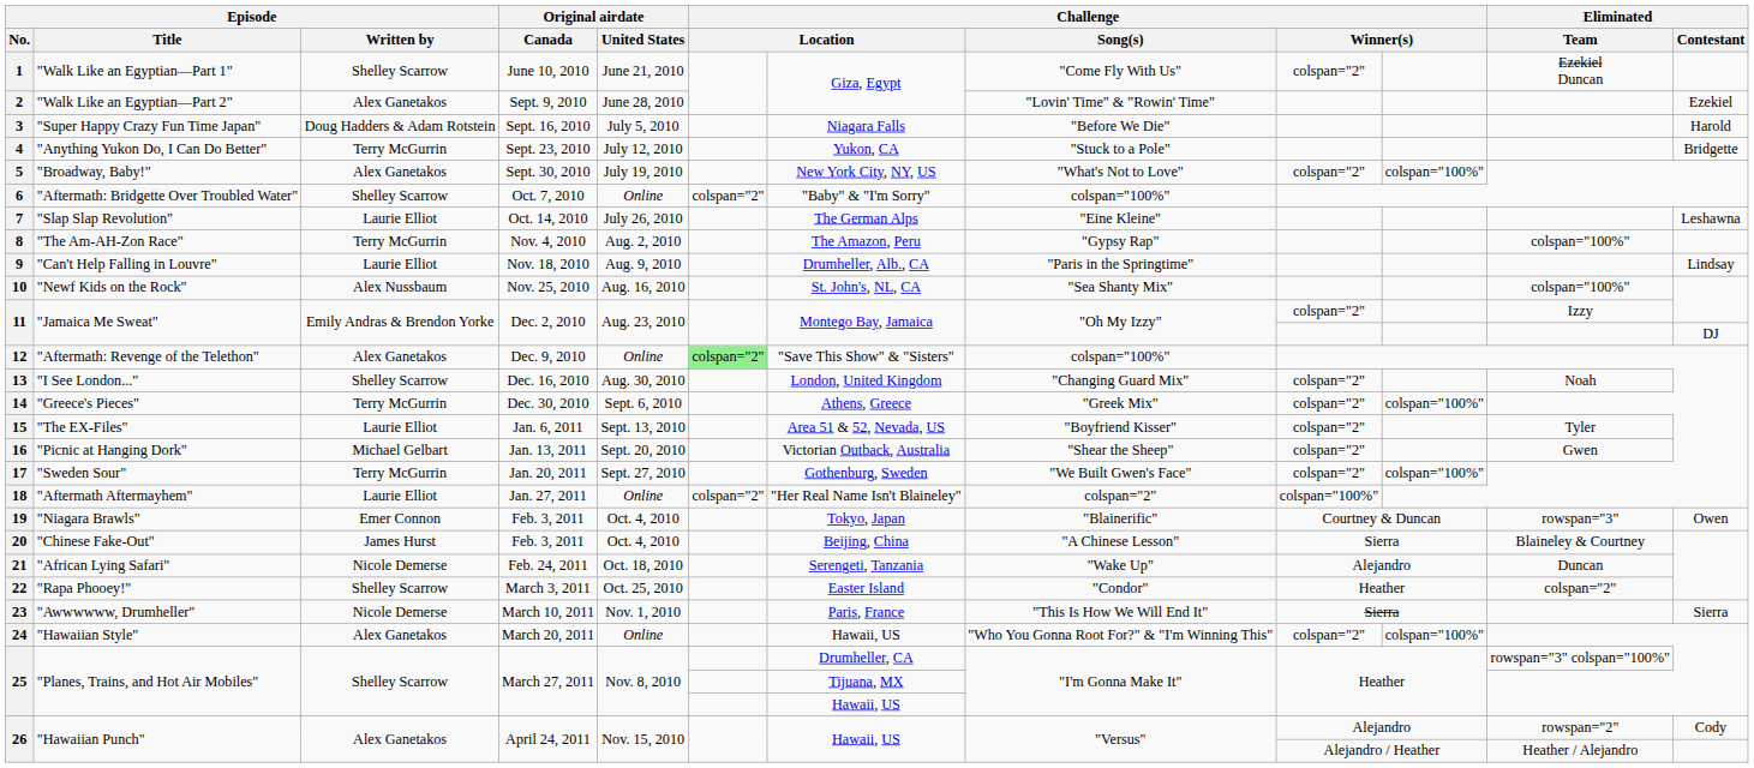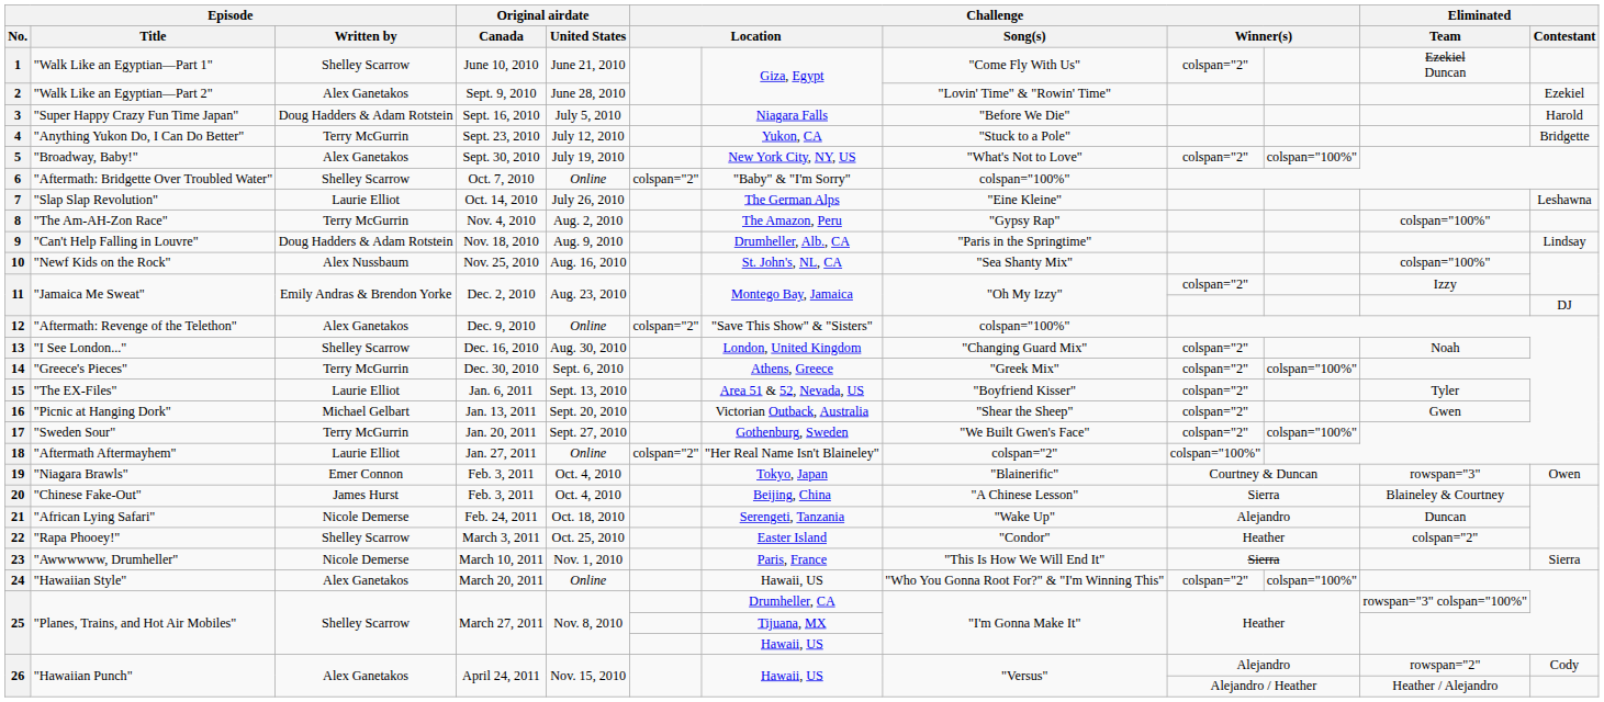 <table class="wikitable" style="text-align:center; width:auto;" align="center">
 <tr>
 <th colspan="3">Episode</th>
 <th colspan="2">Original airdate</th>
 <th colspan="5">Challenge</th>
 <th colspan="2">Eliminated</th>
 </tr>
 <tr>
 <th>No.</th>
 <th>Title</th>
 <th>Written by</th>
 <th>Canada</th>
 <th>United States</th>
 <th colspan="2">Location</th>
 <th>Song(s)</th>
 <th colspan="2">Winner(s)</th>
 <th>Team</th>
 <th>Contestant</th>
 </tr>
 <tr>
 <th>1</th>
 <td align="left">"Walk Like an Egyptian—Part 1"</td>
 <td>Shelley Scarrow</td>
 <td>June 10, 2010</td>
 <td>June 21, 2010</td>
 <td rowspan="2"></td>
 <td rowspan="2"><a href='#'>Giza</a>, <a href='#'>Egypt</a></td>
 <td>"Come Fly With Us"</td>
 <td>colspan="2" </td>
 <td></td>
 <td><s>Ezekiel</s><br>Duncan</td>
 </tr>
 <tr>
 <th>2</th>
 <td align="left">"Walk Like an Egyptian—Part 2"</td>
 <td>Alex Ganetakos</td>
 <td>Sept. 9, 2010</td>
 <td>June 28, 2010</td>
 <td>"Lovin' Time" & "Rowin' Time"</td>
 <td></td>
 <td></td>
 <td></td>
 <td>Ezekiel</td>
 </tr>
 <tr>
 <th>3</th>
 <td align="left">"Super Happy Crazy Fun Time Japan"</td>
 <td>Doug Hadders & Adam Rotstein</td>
 <td>Sept. 16, 2010</td>
 <td>July 5, 2010</td>
 <td></td>
 <td><a href='#'>Niagara Falls</a></td>
 <td>"Before We Die"</td>
 <td></td>
 <td></td>
 <td></td>
 <td>Harold</td>
 </tr>
 <tr>
 <th>4</th>
 <td align="left">"Anything Yukon Do, I Can Do Better"</td>
 <td>Terry McGurrin</td>
 <td>Sept. 23, 2010</td>
 <td>July 12, 2010</td>
 <td></td>
 <td><a href='#'>Yukon</a>, <a href='#'>CA</a></td>
 <td>"Stuck to a Pole"</td>
 <td></td>
 <td></td>
 <td></td>
 <td>Bridgette</td>
 </tr>
 <tr>
 <th>5</th>
 <td align="left">"Broadway, Baby!"</td>
 <td>Alex Ganetakos</td>
 <td>Sept. 30, 2010</td>
 <td>July 19, 2010</td>
 <td></td>
 <td><a href='#'>New York City</a>, <a href='#'>NY</a>, <a href='#'>US</a></td>
 <td>"What's Not to Love"</td>
 <td>colspan="2" </td>
 <td>colspan="100%" </td>
 </tr>
 <tr>
 <th>6</th>
 <td align="left">"Aftermath: Bridgette Over Troubled Water"</td>
 <td>Shelley Scarrow</td>
 <td>Oct. 7, 2010</td>
 <td><em>Online</em></td>
 <td>colspan="2" </td>
 <td>"Baby" & "I'm Sorry"</td>
 <td>colspan="100%" </td>
 </tr>
 <tr>
 <th>7</th>
 <td align="left">"Slap Slap Revolution"</td>
 <td>Laurie Elliot</td>
 <td>Oct. 14, 2010</td>
 <td>July 26, 2010</td>
 <td></td>
 <td><a href='#'>The German Alps</a></td>
 <td>"Eine Kleine"</td>
 <td></td>
 <td></td>
 <td></td>
 <td>Leshawna</td>
 </tr>
 <tr>
 <th>8</th>
 <td align="left">"The Am-AH-Zon Race"</td>
 <td>Terry McGurrin</td>
 <td>Nov. 4, 2010</td>
 <td>Aug. 2, 2010</td>
 <td></td>
 <td><a href='#'>The Amazon</a>, <a href='#'>Peru</a></td>
 <td>"Gypsy Rap"</td>
 <td></td>
 <td></td>
 <td>colspan="100%" </td>
 </tr>
 <tr>
 <th>9</th>
 <td align="left">"Can't Help Falling in Louvre"</td>
-<td>Laurie Elliot</td>
+<td>Doug Hadders & Adam Rotstein</td>
 <td>Nov. 18, 2010</td>
 <td>Aug. 9, 2010</td>
 <td></td>
 <td><a href='#'>Drumheller</a>, <a href='#'>Alb.</a>, <a href='#'>CA</a></td>
 <td>"Paris in the Springtime"</td>
 <td></td>
 <td></td>
 <td></td>
 <td>Lindsay</td>
 </tr>
 <tr>
 <th>10</th>
 <td align="left">"Newf Kids on the Rock"</td>
 <td>Alex Nussbaum</td>
 <td>Nov. 25, 2010</td>
 <td>Aug. 16, 2010</td>
 <td></td>
 <td><a href='#'>St. John's</a>, <a href='#'>NL</a>, <a href='#'>CA</a></td>
 <td>"Sea Shanty Mix"</td>
 <td></td>
 <td></td>
 <td>colspan="100%" </td>
 </tr>
 <tr>
 <th rowspan="2">11</th>
 <td rowspan="2" align="left">"Jamaica Me Sweat"</td>
 <td rowspan="2">Emily Andras & Brendon Yorke</td>
 <td rowspan="2">Dec. 2, 2010</td>
 <td rowspan="2">Aug. 23, 2010</td>
 <td rowspan="2"></td>
 <td rowspan="2"><a href='#'>Montego Bay</a>, <a href='#'>Jamaica</a></td>
 <td rowspan="2">"Oh My Izzy"</td>
 <td>colspan="2" </td>
 <td></td>
 <td>Izzy</td>
 </tr>
 <tr>
 <td></td>
 <td></td>
 <td></td>
 <td>DJ</td>
 </tr>
 <tr>
 <th>12</th>
 <td align="left">"Aftermath: Revenge of the Telethon"</td>
 <td>Alex Ganetakos</td>
 <td>Dec. 9, 2010</td>
 <td><em>Online</em></td>
-<td style="background: lightgreen;">colspan="2" </td>
+<td>colspan="2" </td>
 <td>"Save This Show" & "Sisters"</td>
 <td>colspan="100%" </td>
 </tr>
 <tr>
 <th>13</th>
 <td align="left">"I See London..."</td>
 <td>Shelley Scarrow</td>
 <td>Dec. 16, 2010</td>
 <td>Aug. 30, 2010</td>
 <td></td>
 <td><a href='#'>London</a>, <a href='#'>United Kingdom</a></td>
 <td>"Changing Guard Mix"</td>
 <td>colspan="2" </td>
 <td></td>
 <td>Noah</td>
 </tr>
 <tr>
 <th>14</th>
 <td align="left">"Greece's Pieces"</td>
 <td>Terry McGurrin</td>
 <td>Dec. 30, 2010</td>
 <td>Sept. 6, 2010</td>
 <td></td>
 <td><a href='#'>Athens</a>, <a href='#'>Greece</a></td>
 <td>"Greek Mix"</td>
 <td>colspan="2" </td>
 <td>colspan="100%" </td>
 </tr>
 <tr>
 <th>15</th>
 <td align="left">"The EX-Files"</td>
 <td>Laurie Elliot</td>
 <td>Jan. 6, 2011</td>
 <td>Sept. 13, 2010</td>
 <td></td>
 <td><a href='#'>Area 51</a> & <a href='#'>52</a>, <a href='#'>Nevada</a>, <a href='#'>US</a></td>
 <td>"Boyfriend Kisser"</td>
 <td>colspan="2" </td>
 <td></td>
 <td>Tyler</td>
 </tr>
 <tr>
 <th>16</th>
 <td align="left">"Picnic at Hanging Dork"</td>
 <td>Michael Gelbart</td>
 <td>Jan. 13, 2011</td>
 <td>Sept. 20, 2010</td>
 <td></td>
 <td>Victorian <a href='#'>Outback</a>, <a href='#'>Australia</a></td>
 <td>"Shear the Sheep"</td>
 <td>colspan="2" </td>
 <td></td>
 <td>Gwen</td>
 </tr>
 <tr>
 <th>17</th>
 <td align="left">"Sweden Sour"</td>
 <td>Terry McGurrin</td>
 <td>Jan. 20, 2011</td>
 <td>Sept. 27, 2010</td>
 <td></td>
 <td><a href='#'>Gothenburg</a>, <a href='#'>Sweden</a></td>
 <td>"We Built Gwen's Face"</td>
 <td>colspan="2" </td>
 <td>colspan="100%" </td>
 </tr>
 <tr>
 <th>18</th>
 <td align="left">"Aftermath Aftermayhem"</td>
 <td>Laurie Elliot</td>
 <td>Jan. 27, 2011</td>
 <td><em>Online</em></td>
 <td>colspan="2" </td>
 <td>"Her Real Name Isn't Blaineley"</td>
 <td>colspan="2" </td>
 <td>colspan="100%" </td>
 </tr>
 <tr>
 <th>19</th>
 <td align="left">"Niagara Brawls"</td>
 <td>Emer Connon</td>
 <td>Feb. 3, 2011</td>
 <td>Oct. 4, 2010</td>
 <td></td>
 <td><a href='#'>Tokyo</a>, <a href='#'>Japan</a></td>
 <td>"Blainerific"</td>
 <td colspan="2">Courtney & Duncan</td>
 <td>rowspan="3" </td>
 <td>Owen</td>
 </tr>
 <tr>
 <th>20</th>
 <td align="left">"Chinese Fake-Out"</td>
 <td>James Hurst</td>
 <td>Feb. 3, 2011</td>
 <td>Oct. 4, 2010</td>
 <td></td>
 <td><a href='#'>Beijing</a>, <a href='#'>China</a></td>
 <td>"A Chinese Lesson"</td>
 <td colspan="2">Sierra</td>
 <td>Blaineley & Courtney</td>
 </tr>
 <tr>
 <th>21</th>
 <td align="left">"African Lying Safari"</td>
 <td>Nicole Demerse</td>
 <td>Feb. 24, 2011</td>
 <td>Oct. 18, 2010</td>
 <td></td>
 <td><a href='#'>Serengeti</a>, <a href='#'>Tanzania</a></td>
 <td>"Wake Up"</td>
 <td colspan="2">Alejandro</td>
 <td>Duncan</td>
 </tr>
 <tr>
 <th>22</th>
 <td align="left">"Rapa Phooey!"</td>
 <td>Shelley Scarrow</td>
 <td>March 3, 2011</td>
 <td>Oct. 25, 2010</td>
 <td></td>
 <td><a href='#'>Easter Island</a></td>
 <td>"Condor"</td>
 <td colspan="2">Heather</td>
 <td>colspan="2" </td>
 </tr>
 <tr>
 <th>23</th>
 <td align="left">"Awwwwww, Drumheller"</td>
 <td>Nicole Demerse</td>
 <td>March 10, 2011</td>
 <td>Nov. 1, 2010</td>
 <td></td>
 <td><a href='#'>Paris</a>, <a href='#'>France</a></td>
 <td>"This Is How We Will End It"</td>
 <td colspan="2"><s>Sierra</s></td>
 <td></td>
 <td>Sierra</td>
 </tr>
 <tr>
 <th>24</th>
 <td align="left">"Hawaiian Style"</td>
 <td>Alex Ganetakos</td>
 <td>March 20, 2011</td>
 <td><em>Online</em></td>
 <td></td>
 <td>Hawaii, US</td>
 <td>"Who You Gonna Root For?" & "I'm Winning This"</td>
 <td>colspan="2" </td>
 <td>colspan="100%" </td>
 </tr>
 <tr>
 <th rowspan="3">25</th>
 <td rowspan="3" align="left">"Planes, Trains, and Hot Air Mobiles"</td>
 <td rowspan="3">Shelley Scarrow</td>
 <td rowspan="3">March 27, 2011</td>
 <td rowspan="3">Nov. 8, 2010</td>
 <td></td>
 <td><a href='#'>Drumheller</a>, <a href='#'>CA</a></td>
 <td rowspan="3">"I'm Gonna Make It"</td>
 <td rowspan="3" colspan="2">Heather</td>
 <td>rowspan="3" colspan="100%" </td>
 </tr>
 <tr>
 <td></td>
 <td><a href='#'>Tijuana</a>, <a href='#'>MX</a></td>
 </tr>
 <tr>
 <td></td>
 <td><a href='#'>Hawaii</a>, <a href='#'>US</a></td>
 </tr>
 <tr>
 <th rowspan="2">26</th>
 <td rowspan="2" align="left">"Hawaiian Punch"</td>
 <td rowspan="2">Alex Ganetakos</td>
 <td rowspan="2">April 24, 2011</td>
 <td rowspan="2">Nov. 15, 2010</td>
 <td rowspan="2"></td>
 <td rowspan="2"><a href='#'>Hawaii</a>, <a href='#'>US</a></td>
 <td rowspan="2">"Versus"</td>
 <td colspan="2">Alejandro</td>
 <td>rowspan="2" </td>
 <td>Cody</td>
 </tr>
 <tr>
 <td colspan="2">Alejandro / Heather</td>
 <td>Heather / Alejandro</td>
 </tr>
 </table>
